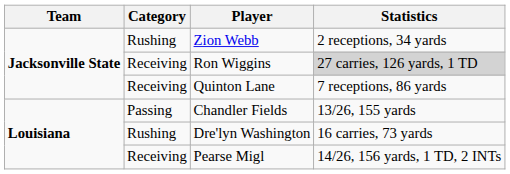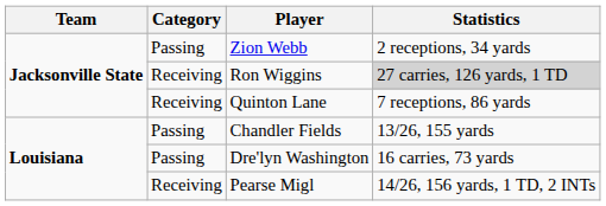 <table class="wikitable" style="float: left;">
 <tr>
 <th>Team</th>
 <th>Category</th>
 <th>Player</th>
 <th>Statistics</th>
 </tr>
 <tr>
 <td rowspan=3><strong>Jacksonville State</strong></td>
-<td>Rushing</td>
+<td>Passing</td>
 <td><a href='#'>Zion Webb</a></td>
 <td>2 receptions, 34 yards</td>
 </tr>
 <tr>
 <td>Receiving</td>
 <td>Ron Wiggins</td>
 <td style="background: lightgrey;">27 carries, 126 yards, 1 TD</td>
 </tr>
 <tr>
 <td>Receiving</td>
 <td>Quinton Lane</td>
 <td>7 receptions, 86 yards</td>
 </tr>
 <tr>
 <td rowspan=3><strong>Louisiana</strong></td>
 <td>Passing</td>
 <td>Chandler Fields</td>
 <td>13/26, 155 yards</td>
 </tr>
 <tr>
-<td>Rushing</td>
+<td>Passing</td>
 <td>Dre'lyn Washington</td>
 <td>16 carries, 73 yards</td>
 </tr>
 <tr>
 <td>Receiving</td>
 <td>Pearse Migl</td>
 <td>14/26, 156 yards, 1 TD, 2 INTs</td>
 </tr>
 </table>
